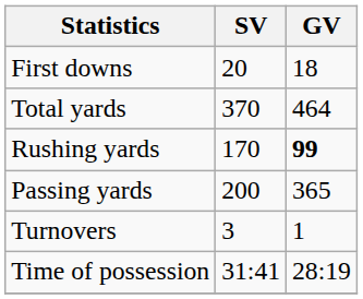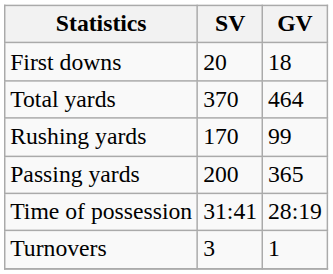 <table class="wikitable" style="float: left;">
 <tr>
 <th>Statistics</th>
 <th>SV</th>
 <th>GV</th>
 </tr>
 <tr>
 <td>First downs</td>
 <td>20</td>
 <td>18</td>
 </tr>
 <tr>
 <td>Total yards</td>
 <td>370</td>
 <td>464</td>
 </tr>
 <tr>
 <td>Rushing yards</td>
 <td>170</td>
-<td><strong>99</strong></td>
+<td>99</td>
 </tr>
 <tr>
 <td>Passing yards</td>
 <td>200</td>
 <td>365</td>
 </tr>
 <tr>
+<td>Time of possession</td>
+<td>31:41</td>
+<td>28:19</td>
+</tr>
+<tr>
 <td>Turnovers</td>
 <td>3</td>
 <td>1</td>
 </tr>
 <tr>
-<td>Time of possession</td>
-<td>31:41</td>
-<td>28:19</td>
-</tr>
-<tr>
 </tr>
 </table>
